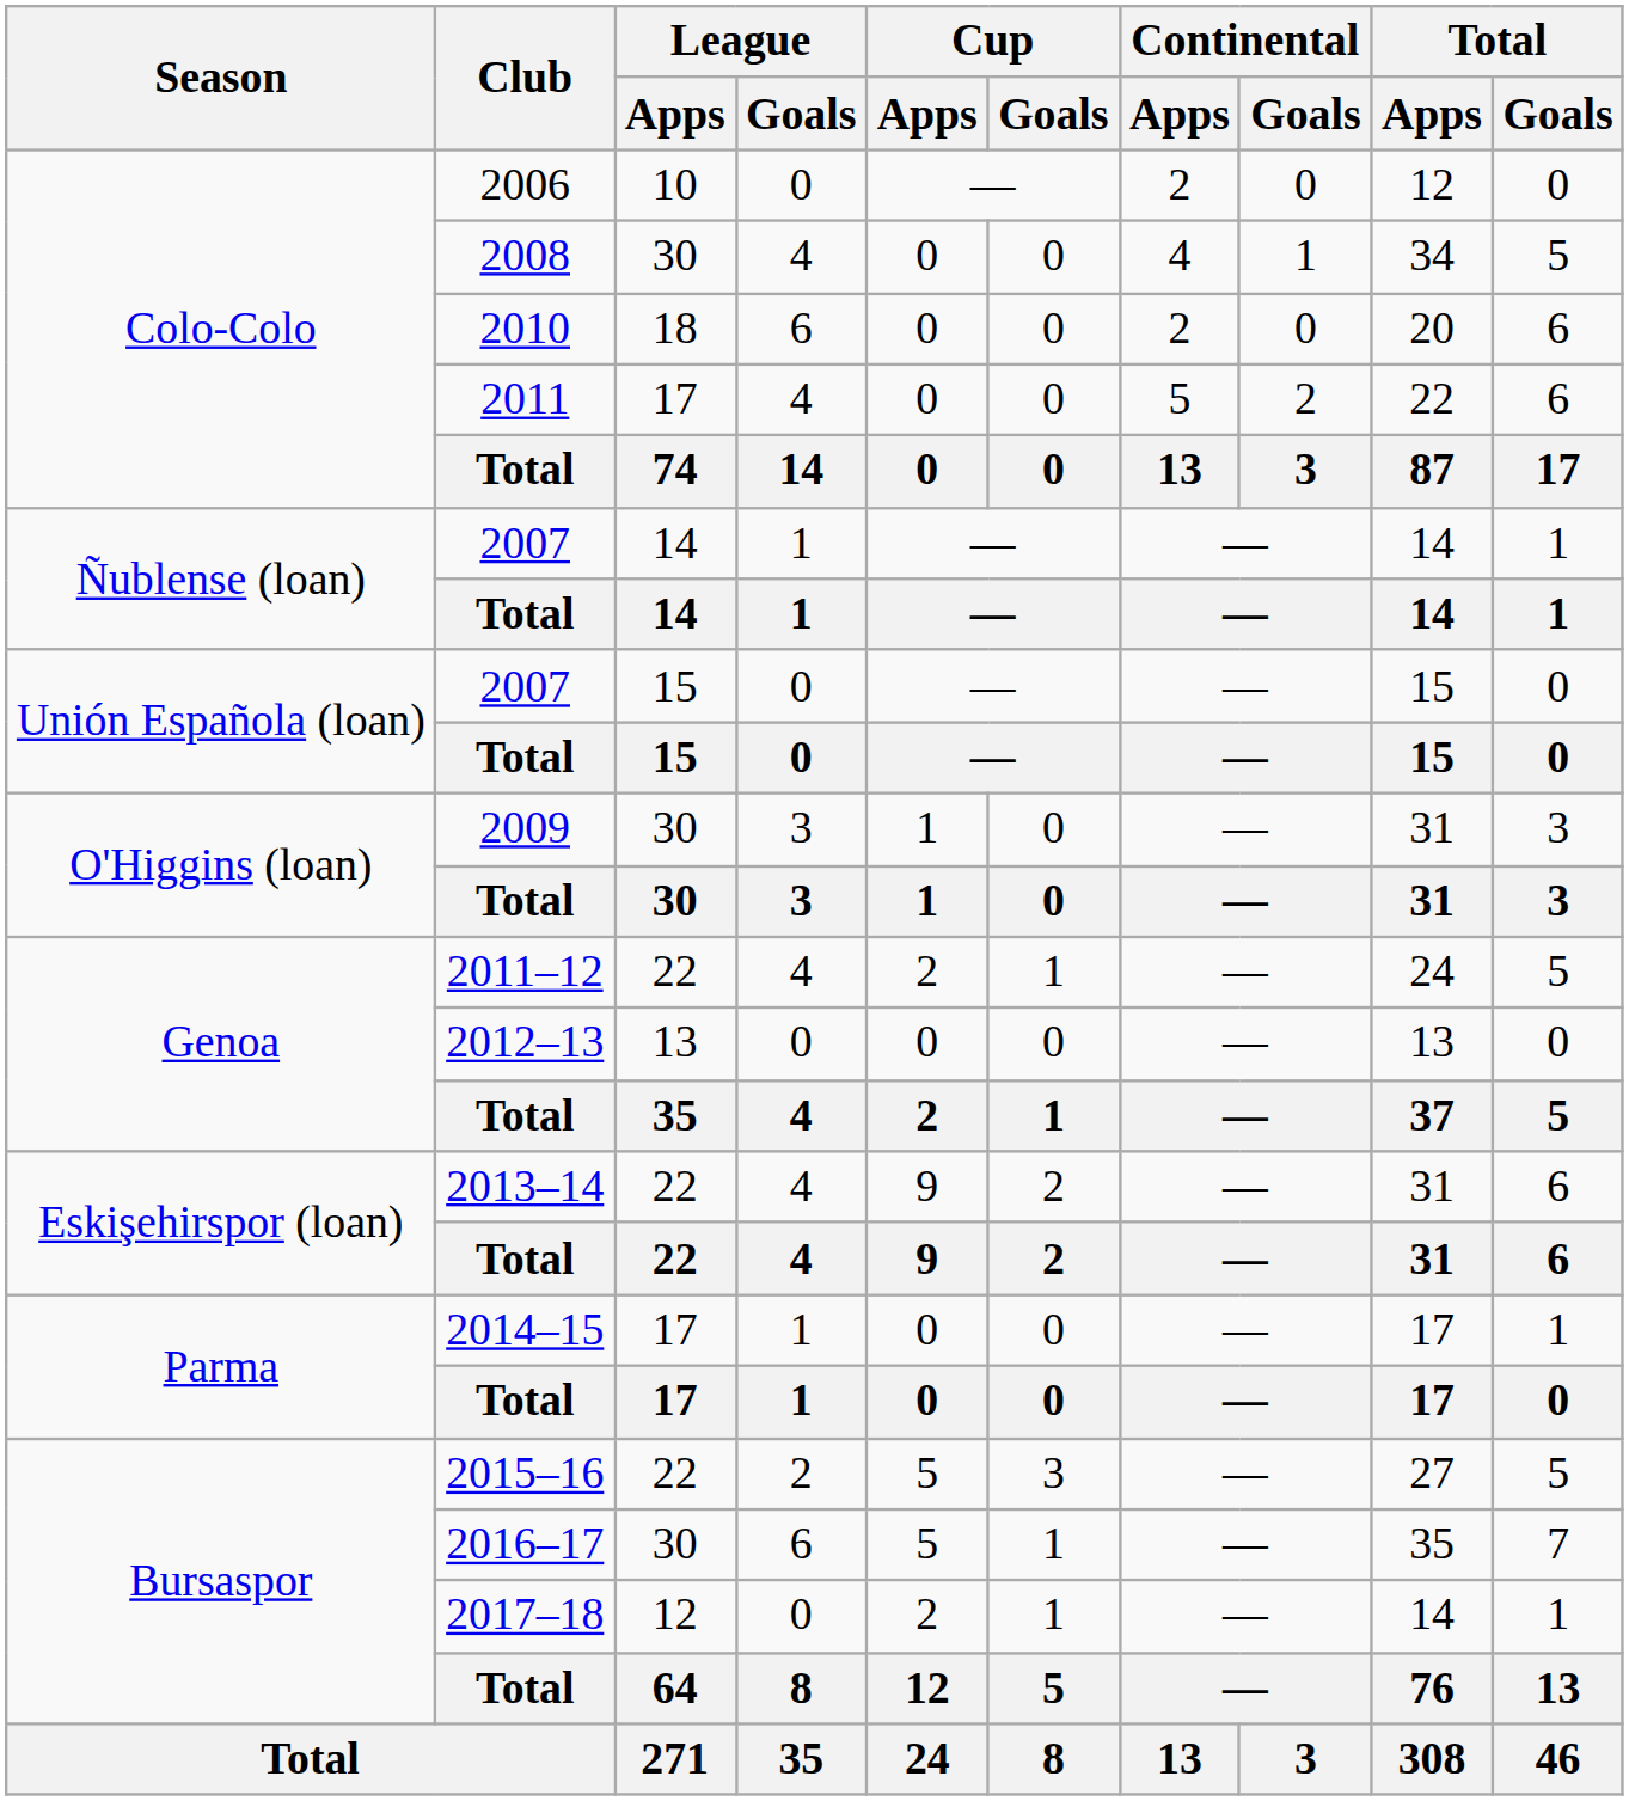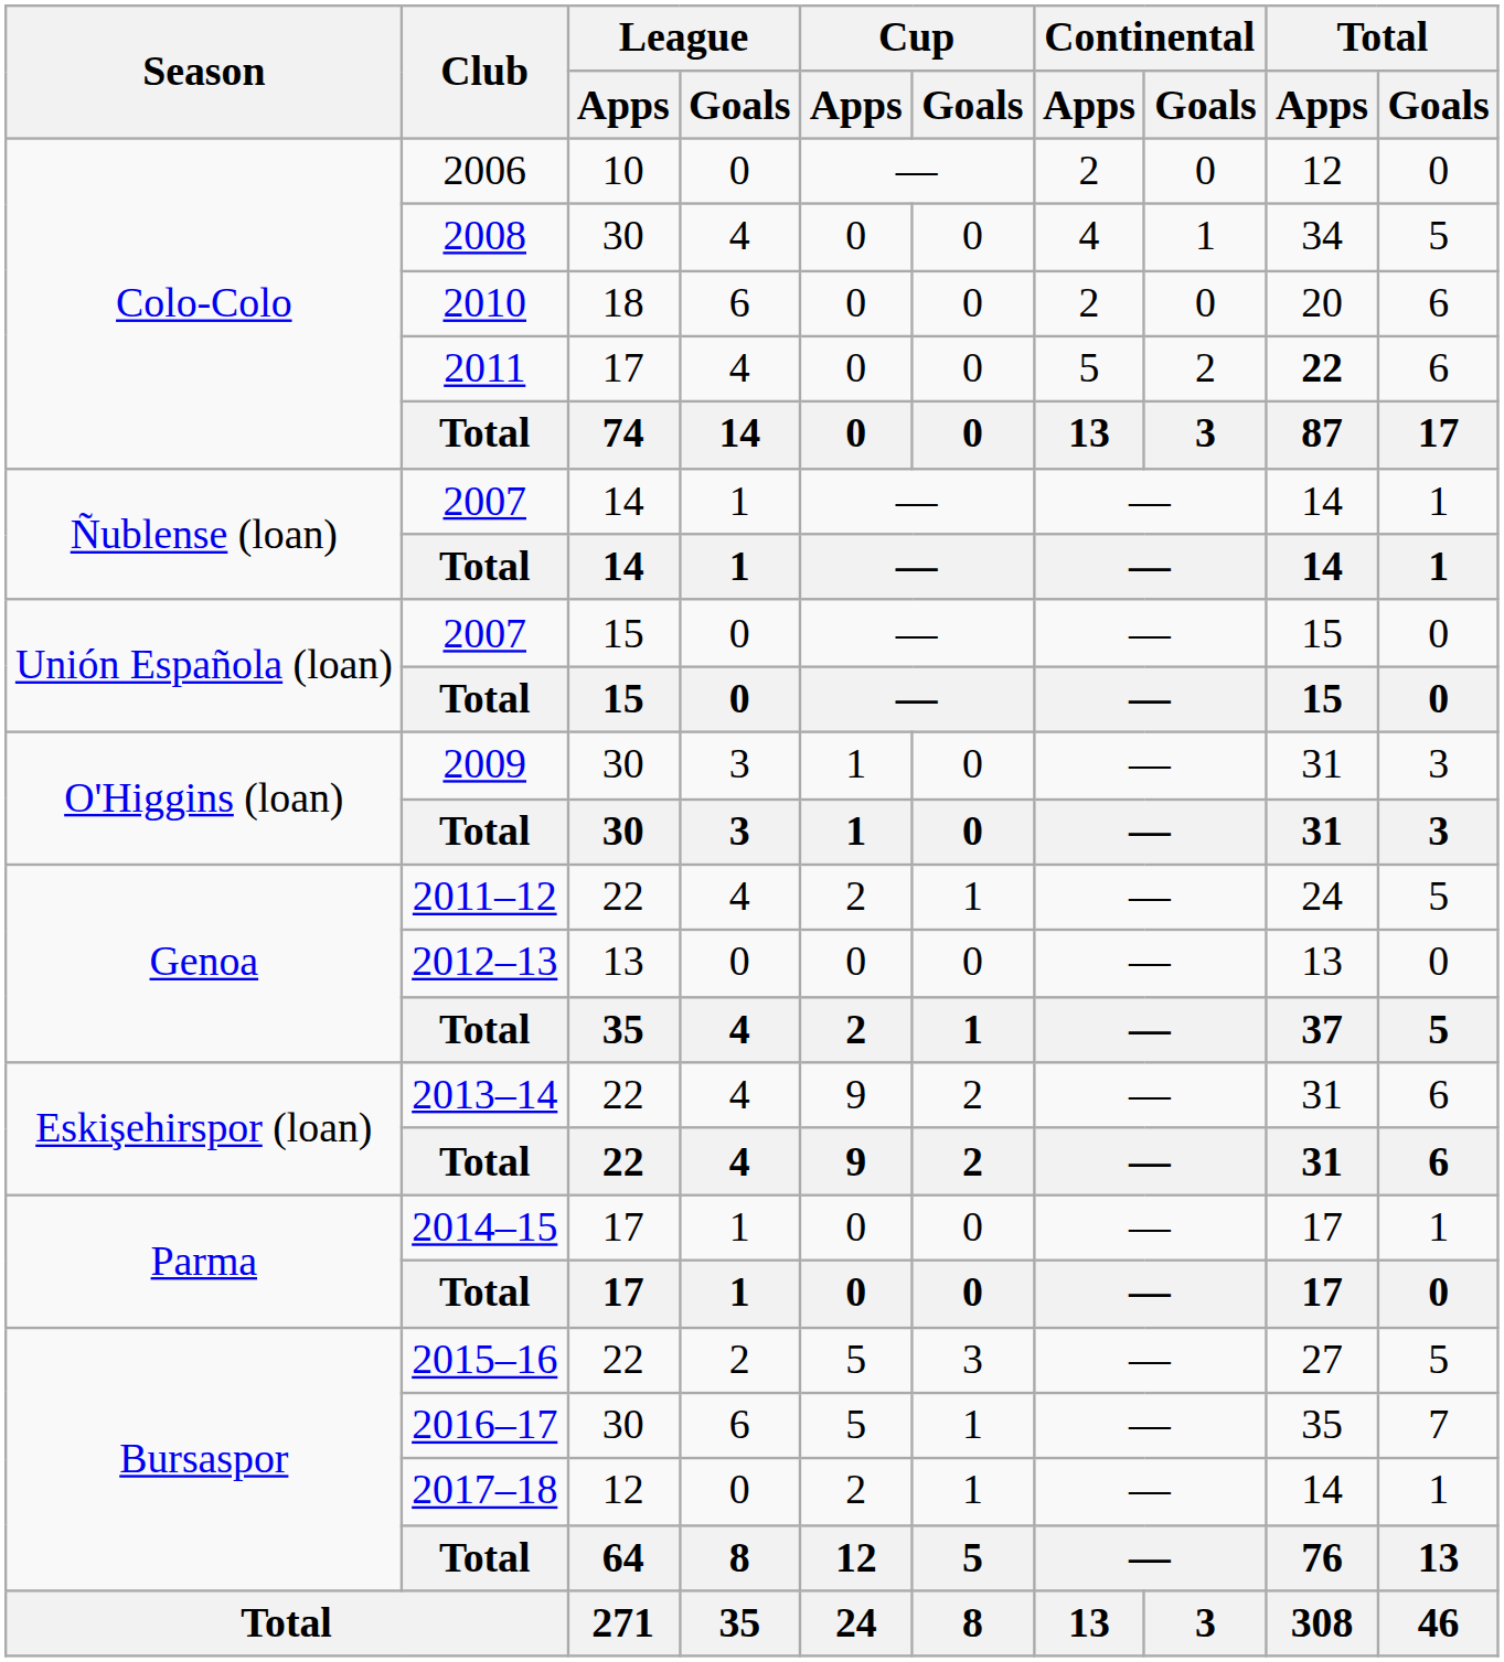 <table class="wikitable" style="text-align: center;">
 <tr>
 <th rowspan="2">Season</th>
 <th rowspan="2">Club</th>
 <th colspan="2">League</th>
 <th colspan="2">Cup</th>
 <th colspan="2">Continental</th>
 <th colspan="2">Total</th>
 </tr>
 <tr>
 <th>Apps</th>
 <th>Goals</th>
 <th>Apps</th>
 <th>Goals</th>
 <th>Apps</th>
 <th>Goals</th>
 <th>Apps</th>
 <th>Goals</th>
 </tr>
 <tr>
 <td rowspan="5"><a href='#'>Colo-Colo</a></td>
 <td>2006</td>
 <td>10</td>
 <td>0</td>
 <td colspan="2">—</td>
 <td>2</td>
 <td>0</td>
 <td>12</td>
 <td>0</td>
 </tr>
 <tr>
 <td><a href='#'>2008</a></td>
 <td>30</td>
 <td>4</td>
 <td>0</td>
 <td>0</td>
 <td>4</td>
 <td>1</td>
 <td>34</td>
 <td>5</td>
 </tr>
 <tr>
 <td><a href='#'>2010</a></td>
 <td>18</td>
 <td>6</td>
 <td>0</td>
 <td>0</td>
 <td>2</td>
 <td>0</td>
 <td>20</td>
 <td>6</td>
 </tr>
 <tr>
 <td><a href='#'>2011</a></td>
 <td>17</td>
 <td>4</td>
 <td>0</td>
 <td>0</td>
 <td>5</td>
 <td>2</td>
-<td>22</td>
+<td><strong>22</strong></td>
 <td>6</td>
 </tr>
 <tr>
 <th>Total</th>
 <th>74</th>
 <th>14</th>
 <th>0</th>
 <th>0</th>
 <th>13</th>
 <th>3</th>
 <th>87</th>
 <th>17</th>
 </tr>
 <tr>
 <td rowspan="2"><a href='#'>Ñublense</a> (loan)</td>
 <td><a href='#'>2007</a></td>
 <td>14</td>
 <td>1</td>
 <td colspan="2">—</td>
 <td colspan="2">—</td>
 <td>14</td>
 <td>1</td>
 </tr>
 <tr>
 <th>Total</th>
 <th>14</th>
 <th>1</th>
 <th colspan="2">—</th>
 <th colspan="2">—</th>
 <th>14</th>
 <th>1</th>
 </tr>
 <tr>
 <td rowspan="2"><a href='#'>Unión Española</a> (loan)</td>
 <td><a href='#'>2007</a></td>
 <td>15</td>
 <td>0</td>
 <td colspan="2">—</td>
 <td colspan="2">—</td>
 <td>15</td>
 <td>0</td>
 </tr>
 <tr>
 <th>Total</th>
 <th>15</th>
 <th>0</th>
 <th colspan="2">—</th>
 <th colspan="2">—</th>
 <th>15</th>
 <th>0</th>
 </tr>
 <tr>
 <td rowspan="2"><a href='#'>O'Higgins</a> (loan)</td>
 <td><a href='#'>2009</a></td>
 <td>30</td>
 <td>3</td>
 <td>1</td>
 <td>0</td>
 <td colspan="2">—</td>
 <td>31</td>
 <td>3</td>
 </tr>
 <tr>
 <th>Total</th>
 <th>30</th>
 <th>3</th>
 <th>1</th>
 <th>0</th>
 <th colspan="2">—</th>
 <th>31</th>
 <th>3</th>
 </tr>
 <tr>
 <td rowspan="3"><a href='#'>Genoa</a></td>
 <td><a href='#'>2011–12</a></td>
 <td>22</td>
 <td>4</td>
 <td>2</td>
 <td>1</td>
 <td colspan="2">—</td>
 <td>24</td>
 <td>5</td>
 </tr>
 <tr>
 <td><a href='#'>2012–13</a></td>
 <td>13</td>
 <td>0</td>
 <td>0</td>
 <td>0</td>
 <td colspan="2">—</td>
 <td>13</td>
 <td>0</td>
 </tr>
 <tr>
 <th>Total</th>
 <th>35</th>
 <th>4</th>
 <th>2</th>
 <th>1</th>
 <th colspan="2">—</th>
 <th>37</th>
 <th>5</th>
 </tr>
 <tr>
 <td rowspan="2"><a href='#'>Eskişehirspor</a> (loan)</td>
 <td><a href='#'>2013–14</a></td>
 <td>22</td>
 <td>4</td>
 <td>9</td>
 <td>2</td>
 <td colspan="2">—</td>
 <td>31</td>
 <td>6</td>
 </tr>
 <tr>
 <th>Total</th>
 <th>22</th>
 <th>4</th>
 <th>9</th>
 <th>2</th>
 <th colspan="2">—</th>
 <th>31</th>
 <th>6</th>
 </tr>
 <tr>
 <td rowspan="2"><a href='#'>Parma</a></td>
 <td><a href='#'>2014–15</a></td>
 <td>17</td>
 <td>1</td>
 <td>0</td>
 <td>0</td>
 <td colspan="2">—</td>
 <td>17</td>
 <td>1</td>
 </tr>
 <tr>
 <th>Total</th>
 <th>17</th>
 <th>1</th>
 <th>0</th>
 <th>0</th>
 <th colspan="2">—</th>
 <th>17</th>
 <th>0</th>
 </tr>
 <tr>
 <td rowspan="4"><a href='#'>Bursaspor</a></td>
 <td><a href='#'>2015–16</a></td>
 <td>22</td>
 <td>2</td>
 <td>5</td>
 <td>3</td>
 <td colspan="2">—</td>
 <td>27</td>
 <td>5</td>
 </tr>
 <tr>
 <td><a href='#'>2016–17</a></td>
 <td>30</td>
 <td>6</td>
 <td>5</td>
 <td>1</td>
 <td colspan="2">—</td>
 <td>35</td>
 <td>7</td>
 </tr>
 <tr>
 <td><a href='#'>2017–18</a></td>
 <td>12</td>
 <td>0</td>
 <td>2</td>
 <td>1</td>
 <td colspan="2">—</td>
 <td>14</td>
 <td>1</td>
 </tr>
 <tr>
 <th>Total</th>
 <th>64</th>
 <th>8</th>
 <th>12</th>
 <th>5</th>
 <th colspan="2">—</th>
 <th>76</th>
 <th>13</th>
 </tr>
 <tr>
 <th colspan="2">Total</th>
 <th>271</th>
 <th>35</th>
 <th>24</th>
 <th>8</th>
 <th>13</th>
 <th>3</th>
 <th>308</th>
 <th>46</th>
 </tr>
 </table>
